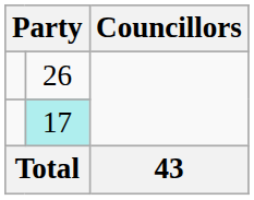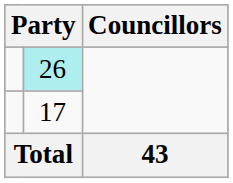 <table class="wikitable">
 <tr>
 <th colspan=2>Party</th>
 <th>Councillors</th>
 </tr>
 <tr>
 <td></td>
-<td align=center>26</td>
+<td align=center style="background: paleturquoise;">26</td>
 </tr>
 <tr>
 <td></td>
-<td align=center style="background: paleturquoise;">17</td>
+<td align=center>17</td>
 </tr>
 <tr>
 <th colspan=2>Total</th>
 <th align=center>43</th>
 </tr>
 </table>
